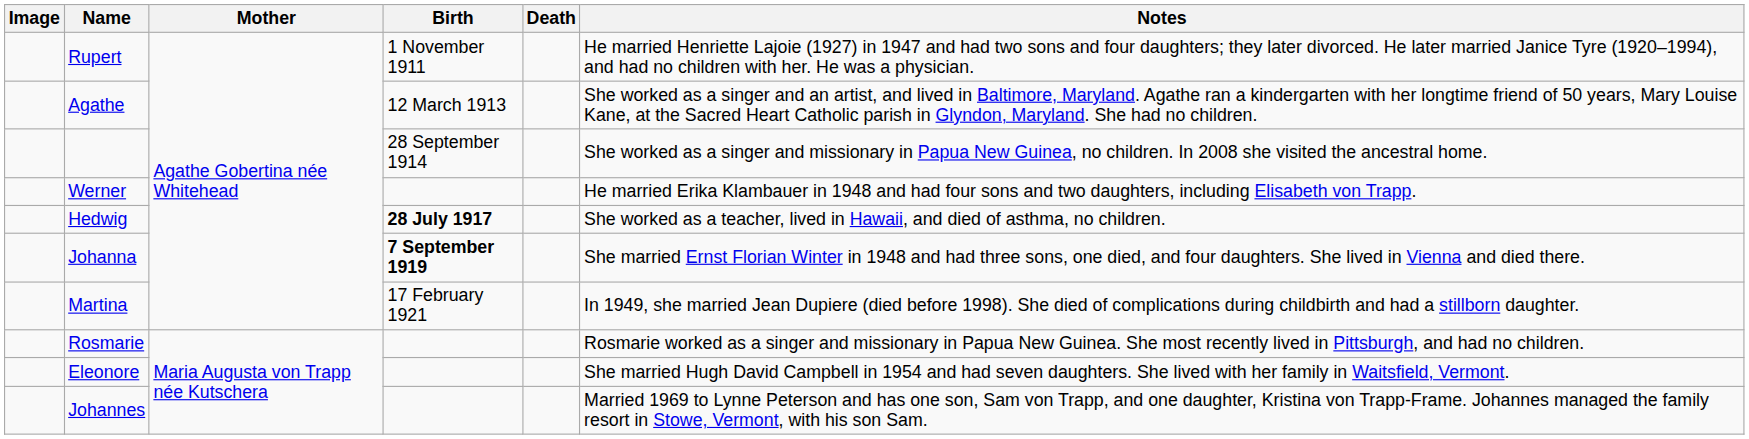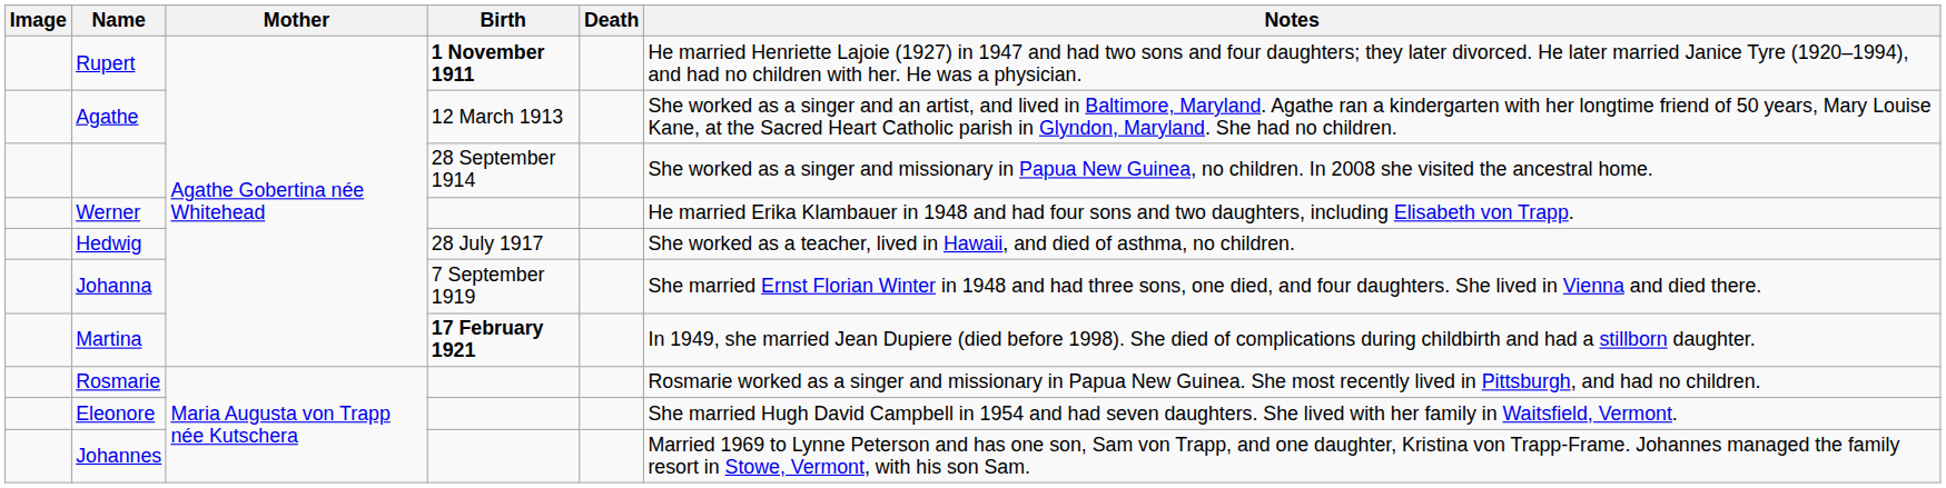 <table class="wikitable">
 <tr>
 <th>Image</th>
 <th>Name</th>
 <th>Mother</th>
 <th>Birth</th>
 <th>Death</th>
 <th>Notes</th>
 </tr>
 <tr>
 <td></td>
 <td><a href='#'>Rupert</a></td>
 <td rowspan="7"><a href='#'>Agathe Gobertina née Whitehead</a></td>
-<td>1 November 1911</td>
+<td><strong>1 November 1911</strong></td>
 <td></td>
 <td>He married Henriette Lajoie (1927) in 1947 and had two sons and four daughters; they later divorced. He later married Janice Tyre (1920–1994), and had no children with her. He was a physician.</td>
 </tr>
 <tr>
 <td></td>
 <td><a href='#'>Agathe</a></td>
 <td>12 March 1913</td>
 <td></td>
 <td>She worked as a singer and an artist, and lived in <a href='#'>Baltimore, Maryland</a>. Agathe ran a kindergarten with her longtime friend of 50 years, Mary Louise Kane, at the Sacred Heart Catholic parish in <a href='#'>Glyndon, Maryland</a>. She had no children.</td>
 </tr>
 <tr>
 <td></td>
 <td></td>
 <td>28 September 1914</td>
 <td></td>
 <td>She worked as a singer and missionary in <a href='#'>Papua New Guinea</a>, no children. In 2008 she visited the ancestral home.</td>
 </tr>
 <tr>
 <td></td>
 <td><a href='#'>Werner</a></td>
 <td></td>
 <td></td>
 <td>He married Erika Klambauer in 1948 and had four sons and two daughters, including <a href='#'>Elisabeth von Trapp</a>.</td>
 </tr>
 <tr>
 <td></td>
 <td><a href='#'>Hedwig</a></td>
-<td><strong>28 July 1917</strong></td>
+<td>28 July 1917</td>
 <td></td>
 <td>She worked as a teacher, lived in <a href='#'>Hawaii</a>, and died of asthma, no children.</td>
 </tr>
 <tr>
 <td></td>
 <td><a href='#'>Johanna</a></td>
-<td><strong>7 September 1919</strong></td>
+<td>7 September 1919</td>
 <td></td>
 <td>She married <a href='#'>Ernst Florian Winter</a> in 1948 and had three sons, one died, and four daughters. She lived in <a href='#'>Vienna</a> and died there.</td>
 </tr>
 <tr>
 <td></td>
 <td><a href='#'>Martina</a></td>
-<td>17 February 1921</td>
+<td><strong>17 February 1921</strong></td>
 <td></td>
 <td>In 1949, she married Jean Dupiere (died before 1998). She died of complications during childbirth and had a <a href='#'>stillborn</a> daughter.</td>
 </tr>
 <tr>
 <td></td>
 <td><a href='#'>Rosmarie</a></td>
 <td rowspan=3><a href='#'>Maria Augusta von Trapp née Kutschera</a></td>
 <td></td>
 <td></td>
 <td>Rosmarie worked as a singer and missionary in Papua New Guinea. She most recently lived in <a href='#'>Pittsburgh</a>, and had no children.</td>
 </tr>
 <tr>
 <td></td>
 <td><a href='#'>Eleonore</a></td>
 <td></td>
 <td></td>
 <td>She married Hugh David Campbell in 1954 and had seven daughters. She lived with her family in <a href='#'>Waitsfield, Vermont</a>.</td>
 </tr>
 <tr>
 <td></td>
 <td><a href='#'>Johannes</a></td>
 <td></td>
 <td></td>
 <td>Married 1969 to Lynne Peterson and has one son, Sam von Trapp, and one daughter, Kristina von Trapp-Frame. Johannes managed the family resort in <a href='#'>Stowe, Vermont</a>, with his son Sam.</td>
 </tr>
 </table>
